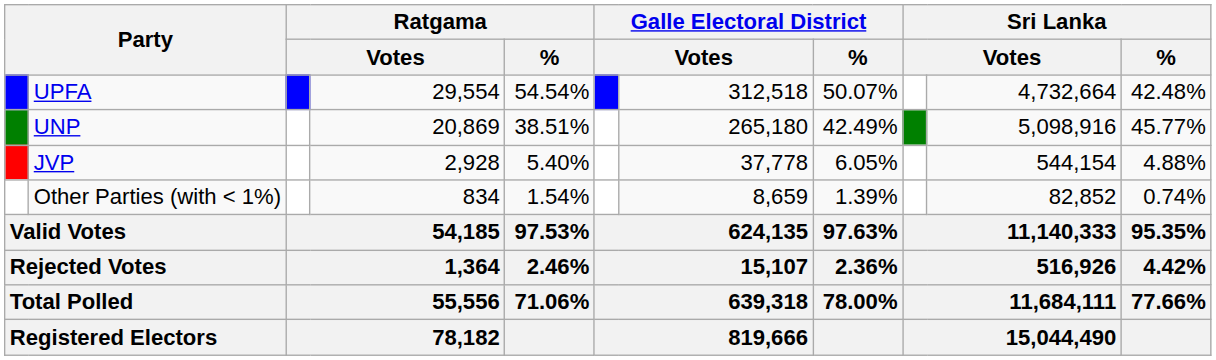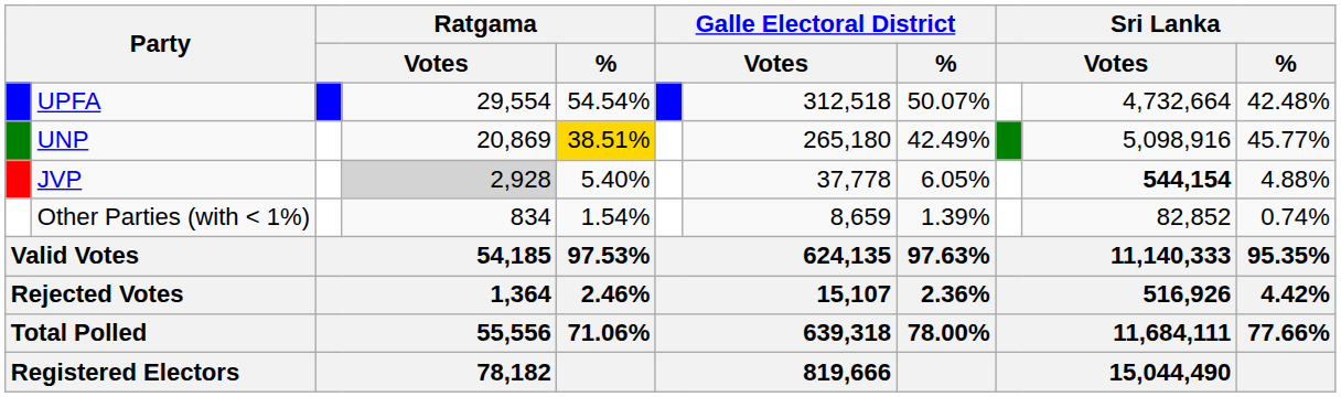 <table class="wikitable">
 <tr>
 <th colspan="2" width="144px"rowspan="2">Party</th>
 <th colspan="3" width="216px">Ratgama</th>
 <th colspan="3" width="216px"><a href='#'>Galle Electoral District</a></th>
 <th colspan="3" width="216px">Sri Lanka</th>
 </tr>
 <tr>
 <th colspan="2" width="144px">Votes</th>
 <th>%</th>
 <th colspan="2" width="144px">Votes</th>
 <th>%</th>
 <th colspan="2" width="144px">Votes</th>
 <th>%</th>
 </tr>
 <tr>
 <td style="background-color:blue;" width="10px"></td>
 <td style="text-align:left;"><a href='#'>UPFA</a></td>
 <td style="background-color:blue;" width="10px"></td>
 <td style="text-align:right;">29,554</td>
 <td style="text-align:right;">54.54%</td>
 <td style="background-color:blue;" width="10px"></td>
 <td style="text-align:right;">312,518</td>
 <td style="text-align:right;">50.07%</td>
 <td style="background-color:white;" width="10px"></td>
 <td style="text-align:right;">4,732,664</td>
 <td style="text-align:right;">42.48%</td>
 </tr>
 <tr>
 <td style="background-color:green;" width="10px"></td>
 <td style="text-align:left;"><a href='#'>UNP</a></td>
 <td style="background-color:white;" width="10px"></td>
 <td style="text-align:right;">20,869</td>
-<td style="text-align:right;">38.51%</td>
+<td style="background: gold; text-align:right;">38.51%</td>
 <td style="background-color:white;" width="10px"></td>
 <td style="text-align:right;">265,180</td>
 <td style="text-align:right;">42.49%</td>
 <td style="background-color:green;" width="10px"></td>
 <td style="text-align:right;">5,098,916</td>
 <td style="text-align:right;">45.77%</td>
 </tr>
 <tr>
 <td style="background-color:red;" width="10px"></td>
 <td style="text-align:left;"><a href='#'>JVP</a></td>
 <td style="background-color:white;" width="10px"></td>
-<td style="text-align:right;">2,928</td>
+<td style="background: lightgrey; text-align:right;">2,928</td>
 <td style="text-align:right;">5.40%</td>
 <td style="background-color:white;" width="10px"></td>
 <td style="text-align:right;">37,778</td>
 <td style="text-align:right;">6.05%</td>
 <td style="background-color:white;" width="10px"></td>
-<td style="text-align:right;">544,154</td>
+<td style="text-align:right;"><strong>544,154</strong></td>
 <td style="text-align:right;">4.88%</td>
 </tr>
 <tr>
 <td style="background-color:white;" width="10px"></td>
 <td style="text-align:left;">Other Parties (with < 1%)</td>
 <td style="background-color:white;" width="10px"></td>
 <td style="text-align:right;">834</td>
 <td style="text-align:right;">1.54%</td>
 <td style="background-color:white;" width="10px"></td>
 <td style="text-align:right;">8,659</td>
 <td style="text-align:right;">1.39%</td>
 <td style="background-color:white;" width="10px"></td>
 <td style="text-align:right;">82,852</td>
 <td style="text-align:right;">0.74%</td>
 </tr>
 <tr>
 <th colspan="2" width="144px"style="text-align:left;">Valid Votes</th>
 <th style="text-align:right;"colspan="2" width="144px">54,185</th>
 <th style="text-align:right;">97.53%</th>
 <th style="text-align:right;"colspan="2" width="144px">624,135</th>
 <th style="text-align:right;">97.63%</th>
 <th style="text-align:right;"colspan="2" width="144px">11,140,333</th>
 <th style="text-align:right;">95.35%</th>
 </tr>
 <tr>
 <th colspan="2" width="144px"style="text-align:left;">Rejected Votes</th>
 <th style="text-align:right;"colspan="2" width="144px">1,364</th>
 <th style="text-align:right;">2.46%</th>
 <th style="text-align:right;"colspan="2" width="144px">15,107</th>
 <th style="text-align:right;">2.36%</th>
 <th style="text-align:right;"colspan="2" width="144px">516,926</th>
 <th style="text-align:right;">4.42%</th>
 </tr>
 <tr>
 <th colspan="2" width="144px"style="text-align:left;">Total Polled</th>
 <th style="text-align:right;"colspan="2" width="144px">55,556</th>
 <th style="text-align:right;">71.06%</th>
 <th style="text-align:right;"colspan="2" width="144px">639,318</th>
 <th style="text-align:right;">78.00%</th>
 <th style="text-align:right;"colspan="2" width="144px">11,684,111</th>
 <th style="text-align:right;">77.66%</th>
 </tr>
 <tr>
 <th colspan="2" width="144px"style="text-align:left;">Registered Electors</th>
 <th style="text-align:right;"colspan="2" width="144px">78,182</th>
 <th></th>
 <th style="text-align:right;"colspan="2" width="144px">819,666</th>
 <th></th>
 <th style="text-align:right;"colspan="2" width="144px">15,044,490</th>
 <th></th>
 </tr>
 </table>
